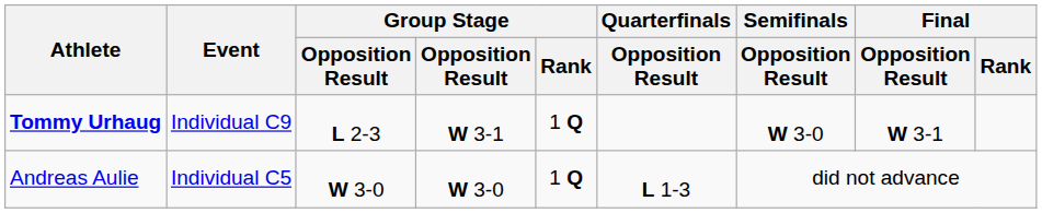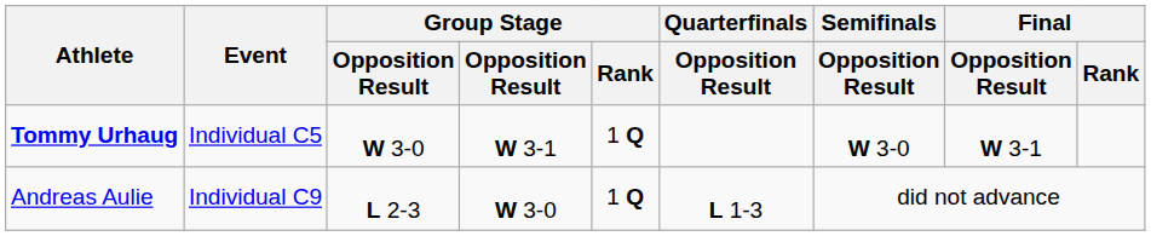 <table class=wikitable>
 <tr>
 <th rowspan="2">Athlete</th>
 <th rowspan="2">Event</th>
 <th colspan="3">Group Stage</th>
 <th>Quarterfinals</th>
 <th>Semifinals</th>
 <th colspan="2">Final</th>
 </tr>
 <tr>
 <th>Opposition<br>Result</th>
 <th>Opposition<br>Result</th>
 <th>Rank</th>
 <th>Opposition<br>Result</th>
 <th>Opposition<br>Result</th>
 <th>Opposition<br>Result</th>
 <th>Rank</th>
 </tr>
 <tr align=center>
 <td align=left><strong><a href='#'>Tommy Urhaug</a></strong></td>
-<td align=left><a href='#'>Individual C9</a></td>
-<td><br> <strong>L</strong> 2-3</td>
+<td align=left><a href='#'>Individual C5</a></td>
+<td><br> <strong>W</strong> 3-0</td>
 <td><br> <strong>W</strong> 3-1</td>
 <td>1 <strong>Q</strong></td>
 <td></td>
 <td><br> <strong>W</strong> 3-0</td>
 <td><br> <strong>W</strong> 3-1</td>
 <td></td>
 </tr>
 <tr align=center>
 <td align=left><a href='#'>Andreas Aulie</a></td>
-<td align=left><a href='#'>Individual C5</a></td>
-<td><br> <strong>W</strong> 3-0</td>
+<td align=left><a href='#'>Individual C9</a></td>
+<td><br> <strong>L</strong> 2-3</td>
 <td><br> <strong>W</strong> 3-0</td>
 <td>1 <strong>Q</strong></td>
 <td><br> <strong>L</strong> 1-3</td>
 <td colspan=3>did not advance</td>
 </tr>
 </table>
